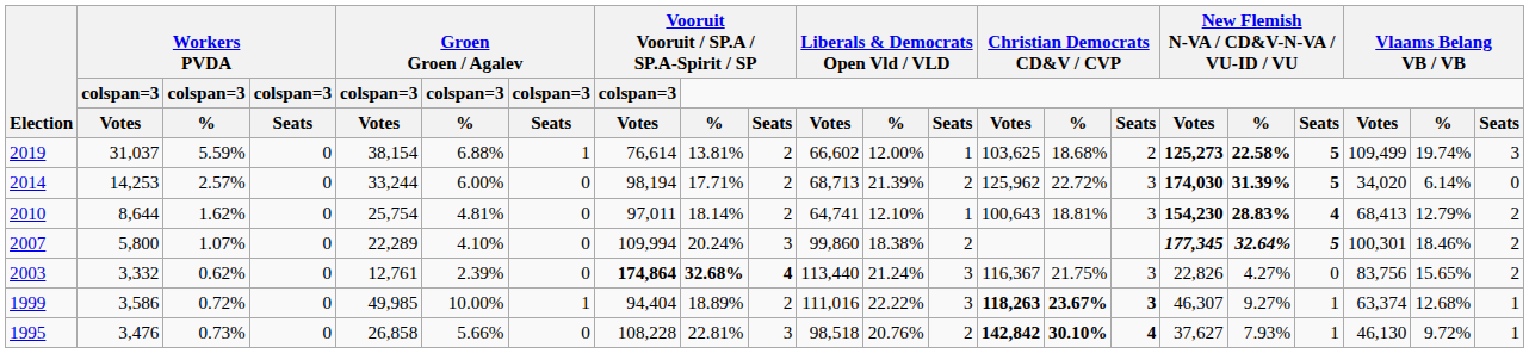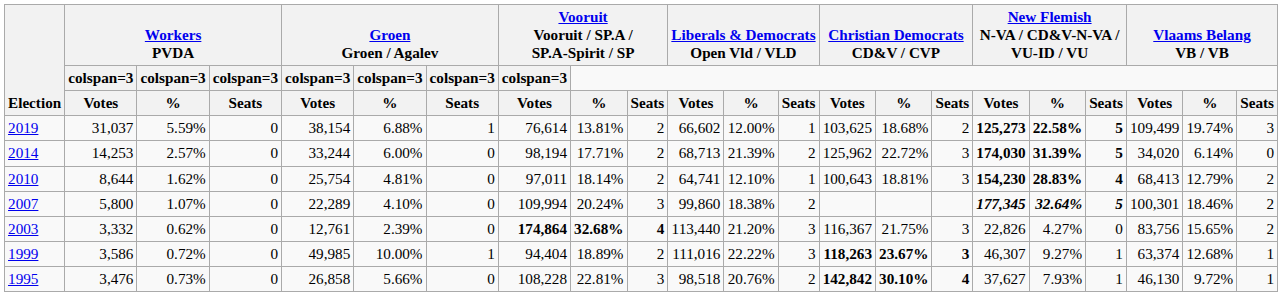 <table class="wikitable" border="1" style="font-size:95%; text-align:right;">
 <tr>
 <th style="text-align:left;" valign=bottom rowspan=3>Election</th>
 <th valign=bottom colspan=3><a href='#'>Workers</a><br>PVDA</th>
 <th valign=bottom colspan=3><a href='#'>Groen</a><br>Groen / Agalev</th>
 <th valign=bottom colspan=3><a href='#'>Vooruit</a><br>Vooruit / SP.A /<br>SP.A-Spirit / SP</th>
 <th valign=bottom colspan=3><a href='#'>Liberals & Democrats</a><br>Open Vld / VLD</th>
 <th valign=bottom colspan=3><a href='#'>Christian Democrats</a><br>CD&V / CVP</th>
 <th valign=bottom colspan=3><a href='#'>New Flemish</a><br>N-VA / CD&V-N-VA /<br>VU-ID / VU</th>
 <th valign=bottom colspan=3><a href='#'>Vlaams Belang</a><br>VB / VB</th>
 </tr>
 <tr>
 <th>colspan=3 </th>
 <th>colspan=3 </th>
 <th>colspan=3 </th>
 <th>colspan=3 </th>
 <th>colspan=3 </th>
 <th>colspan=3 </th>
 <th>colspan=3 </th>
 </tr>
 <tr>
 <th>Votes</th>
 <th>%</th>
 <th>Seats</th>
 <th>Votes</th>
 <th>%</th>
 <th>Seats</th>
 <th>Votes</th>
 <th>%</th>
 <th>Seats</th>
 <th>Votes</th>
 <th>%</th>
 <th>Seats</th>
 <th>Votes</th>
 <th>%</th>
 <th>Seats</th>
 <th>Votes</th>
 <th>%</th>
 <th>Seats</th>
 <th>Votes</th>
 <th>%</th>
 <th>Seats</th>
 </tr>
 <tr>
 <td align=left><a href='#'>2019</a></td>
 <td>31,037</td>
 <td>5.59%</td>
 <td>0</td>
 <td>38,154</td>
 <td>6.88%</td>
 <td>1</td>
 <td>76,614</td>
 <td>13.81%</td>
 <td>2</td>
 <td>66,602</td>
 <td>12.00%</td>
 <td>1</td>
 <td>103,625</td>
 <td>18.68%</td>
 <td>2</td>
 <td><strong>125,273</strong></td>
 <td><strong>22.58%</strong></td>
 <td><strong>5</strong></td>
 <td>109,499</td>
 <td>19.74%</td>
 <td>3</td>
 </tr>
 <tr>
 <td align=left><a href='#'>2014</a></td>
 <td>14,253</td>
 <td>2.57%</td>
 <td>0</td>
 <td>33,244</td>
 <td>6.00%</td>
 <td>0</td>
 <td>98,194</td>
 <td>17.71%</td>
 <td>2</td>
 <td>68,713</td>
 <td>21.39%</td>
 <td>2</td>
 <td>125,962</td>
 <td>22.72%</td>
 <td>3</td>
 <td><strong>174,030</strong></td>
 <td><strong>31.39%</strong></td>
 <td><strong>5</strong></td>
 <td>34,020</td>
 <td>6.14%</td>
 <td>0</td>
 </tr>
 <tr>
 <td align=left><a href='#'>2010</a></td>
 <td>8,644</td>
 <td>1.62%</td>
 <td>0</td>
 <td>25,754</td>
 <td>4.81%</td>
 <td>0</td>
 <td>97,011</td>
 <td>18.14%</td>
 <td>2</td>
 <td>64,741</td>
 <td>12.10%</td>
 <td>1</td>
 <td>100,643</td>
 <td>18.81%</td>
 <td>3</td>
 <td><strong>154,230</strong></td>
 <td><strong>28.83%</strong></td>
 <td><strong>4</strong></td>
 <td>68,413</td>
 <td>12.79%</td>
 <td>2</td>
 </tr>
 <tr>
 <td align=left><a href='#'>2007</a></td>
 <td>5,800</td>
 <td>1.07%</td>
 <td>0</td>
 <td>22,289</td>
 <td>4.10%</td>
 <td>0</td>
 <td>109,994</td>
 <td>20.24%</td>
 <td>3</td>
 <td>99,860</td>
 <td>18.38%</td>
 <td>2</td>
 <td></td>
 <td></td>
 <td></td>
 <td><strong><em>177,345</em></strong></td>
 <td><strong><em>32.64%</em></strong></td>
 <td><strong><em>5</em></strong></td>
 <td>100,301</td>
 <td>18.46%</td>
 <td>2</td>
 </tr>
 <tr>
 <td align=left><a href='#'>2003</a></td>
 <td>3,332</td>
 <td>0.62%</td>
 <td>0</td>
 <td>12,761</td>
 <td>2.39%</td>
 <td>0</td>
 <td><strong>174,864</strong></td>
 <td><strong>32.68%</strong></td>
 <td><strong>4</strong></td>
 <td>113,440</td>
-<td>21.24%</td>
+<td>21.20%</td>
 <td>3</td>
 <td>116,367</td>
 <td>21.75%</td>
 <td>3</td>
 <td>22,826</td>
 <td>4.27%</td>
 <td>0</td>
 <td>83,756</td>
 <td>15.65%</td>
 <td>2</td>
 </tr>
 <tr>
 <td align=left><a href='#'>1999</a></td>
 <td>3,586</td>
 <td>0.72%</td>
 <td>0</td>
 <td>49,985</td>
 <td>10.00%</td>
 <td>1</td>
 <td>94,404</td>
 <td>18.89%</td>
 <td>2</td>
 <td>111,016</td>
 <td>22.22%</td>
 <td>3</td>
 <td><strong>118,263</strong></td>
 <td><strong>23.67%</strong></td>
 <td><strong>3</strong></td>
 <td>46,307</td>
 <td>9.27%</td>
 <td>1</td>
 <td>63,374</td>
 <td>12.68%</td>
 <td>1</td>
 </tr>
 <tr>
 <td align=left><a href='#'>1995</a></td>
 <td>3,476</td>
 <td>0.73%</td>
 <td>0</td>
 <td>26,858</td>
 <td>5.66%</td>
 <td>0</td>
 <td>108,228</td>
 <td>22.81%</td>
 <td>3</td>
 <td>98,518</td>
 <td>20.76%</td>
 <td>2</td>
 <td><strong>142,842</strong></td>
 <td><strong>30.10%</strong></td>
 <td><strong>4</strong></td>
 <td>37,627</td>
 <td>7.93%</td>
 <td>1</td>
 <td>46,130</td>
 <td>9.72%</td>
 <td>1</td>
 </tr>
 </table>
